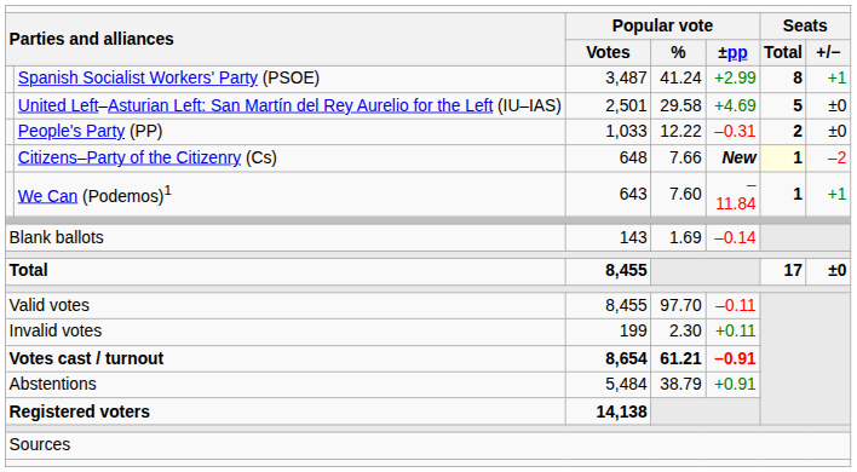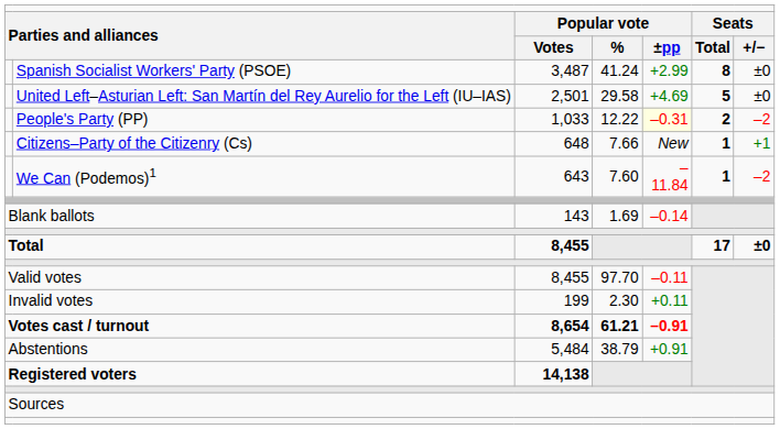 <table class="wikitable" style="text-align:right;">
 <tr>
 <td colspan="7"></td>
 </tr>
 <tr>
 <th style="text-align:left;" rowspan="2" colspan="2" width="525">Parties and alliances</th>
 <th colspan="3">Popular vote</th>
 <th colspan="2">Seats</th>
 </tr>
 <tr>
 <th width="75">Votes</th>
 <th width="45">%</th>
 <th width="45">±<a href='#'>pp</a></th>
 <th width="35">Total</th>
 <th width="35">+/−</th>
 </tr>
 <tr>
 <td width="1" style="color:inherit;background:"></td>
 <td align="left"><a href='#'>Spanish Socialist Workers' Party</a> (PSOE)</td>
 <td>3,487</td>
 <td>41.24</td>
 <td style="color:green;">+2.99</td>
 <td><strong>8</strong></td>
-<td style="color:green;">+1</td>
+<td>±0</td>
 </tr>
 <tr>
 <td style="color:inherit;background:"></td>
 <td align="left"><a href='#'>United Left</a>–<a href='#'>Asturian Left: San Martín del Rey Aurelio for the Left</a> (IU–IAS)</td>
 <td>2,501</td>
 <td>29.58</td>
 <td style="color:green;">+4.69</td>
 <td><strong>5</strong></td>
 <td>±0</td>
 </tr>
 <tr>
 <td style="color:inherit;background:"></td>
 <td align="left"><a href='#'>People's Party</a> (PP)</td>
 <td>1,033</td>
 <td>12.22</td>
-<td style="color:red;">–0.31</td>
+<td style="background: lightyellow; color:red;">–0.31</td>
 <td><strong>2</strong></td>
-<td>±0</td>
+<td style="color:red;">–2</td>
 </tr>
 <tr>
 <td style="color:inherit;background:"></td>
 <td align="left"><a href='#'>Citizens–Party of the Citizenry</a> (Cs)</td>
 <td>648</td>
 <td>7.66</td>
-<td><strong><em>New</em></strong></td>
-<td style="background: lightyellow;"><strong>1</strong></td>
-<td style="color:red;">–2</td>
+<td><em>New</em></td>
+<td><strong>1</strong></td>
+<td style="color:green;">+1</td>
 </tr>
 <tr>
 <td style="color:inherit;background:"></td>
 <td align="left"><a href='#'>We Can</a> (Podemos)<sup>1</sup></td>
 <td>643</td>
 <td>7.60</td>
 <td style="color:red;">–11.84</td>
 <td><strong>1</strong></td>
-<td style="color:green;">+1</td>
+<td style="color:red;">–2</td>
 </tr>
 <tr>
 <td colspan="7" style="color:inherit;background:#C0C0C0"></td>
 </tr>
 <tr>
 <td align="left" colspan="2">Blank ballots</td>
 <td>143</td>
 <td>1.69</td>
 <td style="color:red;">–0.14</td>
 <td style="color:inherit;background:#E9E9E9" colspan="2"></td>
 </tr>
 <tr>
 <td colspan="7" style="color:inherit;background:#E9E9E9"></td>
 </tr>
 <tr style="font-weight:bold;">
 <td align="left" colspan="2">Total</td>
 <td>8,455</td>
 <td bgcolor="#E9E9E9" colspan="2"></td>
 <td>17</td>
 <td>±0</td>
 </tr>
 <tr>
 <td colspan="7" style="color:inherit;background:#E9E9E9"></td>
 </tr>
 <tr>
 <td align="left" colspan="2">Valid votes</td>
 <td>8,455</td>
 <td>97.70</td>
 <td style="color:red;">–0.11</td>
 <td bgcolor="#E9E9E9" colspan="2" rowspan="5"></td>
 </tr>
 <tr>
 <td align="left" colspan="2">Invalid votes</td>
 <td>199</td>
 <td>2.30</td>
 <td style="color:green;">+0.11</td>
 </tr>
 <tr style="font-weight:bold;">
 <td align="left" colspan="2">Votes cast / turnout</td>
 <td>8,654</td>
 <td>61.21</td>
 <td style="color:red;">–0.91</td>
 </tr>
 <tr>
 <td align="left" colspan="2">Abstentions</td>
 <td>5,484</td>
 <td>38.79</td>
 <td style="color:green;">+0.91</td>
 </tr>
 <tr style="font-weight:bold;">
 <td align="left" colspan="2">Registered voters</td>
 <td>14,138</td>
 <td bgcolor="#E9E9E9" colspan="2"></td>
 </tr>
 <tr>
 <td colspan="7" style="color:inherit;background:#E9E9E9"></td>
 </tr>
 <tr>
 <td align="left" colspan="7">Sources</td>
 </tr>
 <tr>
 <td colspan="7" style="text-align:left; max-width:790px;"></td>
 </tr>
 </table>
